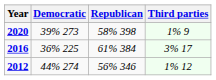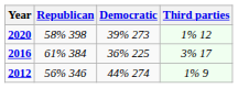 <table class="wikitable" style="float:right; font-size:95%;">
 <tr bgcolor=lightgrey>
 <th>Year</th>
+<th><a href='#'>Republican</a></th>
 <th><a href='#'>Democratic</a></th>
-<th><a href='#'>Republican</a></th>
 <th><a href='#'>Third parties</a></th>
 </tr>
 <tr>
 <td style="text-align:center; "><strong><a href='#'>2020</a></strong></td>
+<td style="text-align:center; "><em>58%</em> <em>398</em></td>
 <td style="text-align:center; "><em>39%</em> <em>273</em></td>
-<td style="text-align:center; "><em>58%</em> <em>398</em></td>
-<td style="text-align:center; background:honeyDew;"><em>1%</em> <em>9</em></td>
+<td style="text-align:center; background:honeyDew;"><em>1%</em> <em>12</em></td>
 </tr>
 <tr>
 <td style="text-align:center; "><strong><a href='#'>2016</a></strong></td>
+<td style="text-align:center; "><em>61%</em> <em>384</em></td>
 <td style="text-align:center; "><em>36%</em> <em>225</em></td>
-<td style="text-align:center; "><em>61%</em> <em>384</em></td>
 <td style="text-align:center; background:honeyDew;"><em>3%</em> <em>17</em></td>
 </tr>
 <tr>
 <td style="text-align:center; "><strong><a href='#'>2012</a></strong></td>
+<td style="text-align:center; "><em>56%</em> <em>346</em></td>
 <td style="text-align:center; "><em>44%</em> <em>274</em></td>
-<td style="text-align:center; "><em>56%</em> <em>346</em></td>
-<td style="text-align:center; background:honeyDew;"><em>1%</em> <em>12</em></td>
+<td style="text-align:center; background:honeyDew;"><em>1%</em> <em>9</em></td>
 </tr>
 </table>
